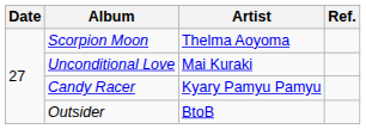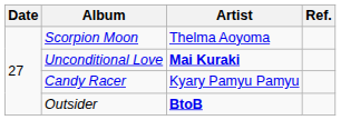 <table class="wikitable">
 <tr>
 <th>Date</th>
 <th>Album</th>
 <th>Artist</th>
 <th>Ref.</th>
 </tr>
 <tr>
 <td rowspan="4">27</td>
 <td><em><a href='#'>Scorpion Moon</a></em></td>
 <td><a href='#'>Thelma Aoyoma</a></td>
 <td></td>
 </tr>
 <tr>
 <td><em><a href='#'>Unconditional Love</a></em></td>
-<td><a href='#'>Mai Kuraki</a></td>
+<td><strong><a href='#'>Mai Kuraki</a></strong></td>
 <td></td>
 </tr>
 <tr>
 <td><em><a href='#'>Candy Racer</a></em></td>
 <td><a href='#'>Kyary Pamyu Pamyu</a></td>
 <td></td>
 </tr>
 <tr>
 <td><em>Outsider</em></td>
-<td><a href='#'>BtoB</a></td>
+<td><strong><a href='#'>BtoB</a></strong></td>
 <td></td>
 </tr>
 </table>
